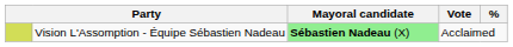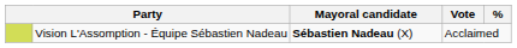 <table class="wikitable">
 <tr>
 <th bgcolor="#DDDDFF" width="230px" colspan="2">Party</th>
 <th bgcolor="#DDDDFF" width="200px">Mayoral candidate</th>
 <th bgcolor="#DDDDFF" width="50px">Vote</th>
 <th bgcolor="#DDDDFF" width="30px">%</th>
 </tr>
 <tr>
 <td bgcolor=#d2dd57 width="30px"> </td>
 <td>Vision L'Assomption - Équipe Sébastien Nadeau</td>
-<td style="background: lightgreen;"><strong>Sébastien Nadeau</strong> (X)</td>
+<td><strong>Sébastien Nadeau</strong> (X)</td>
 <td colspan="2">Acclaimed</td>
 </tr>
 </table>
